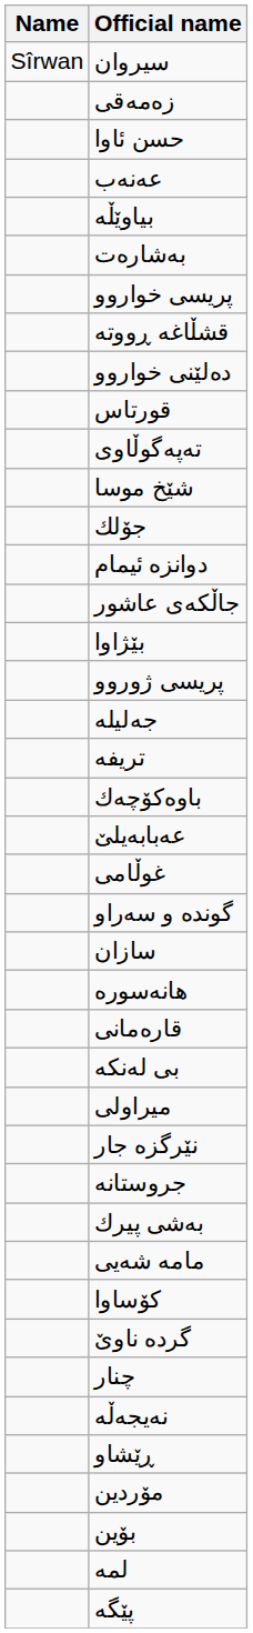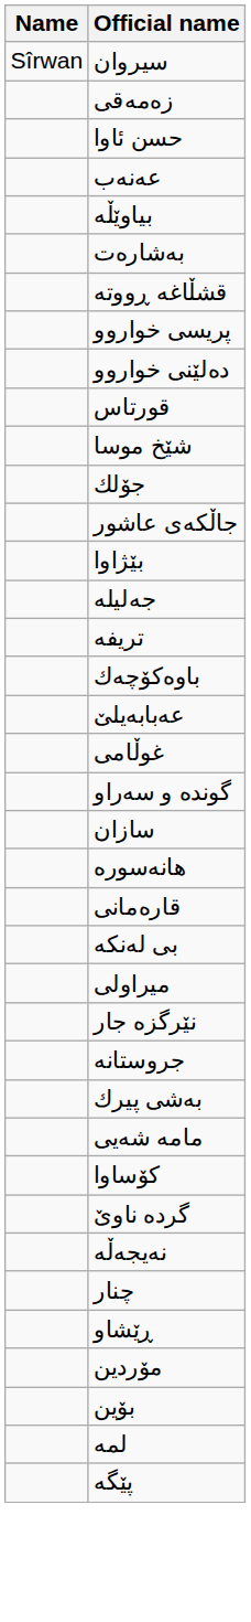 <table class="wikitable">
 <tr>
 <th>Name</th>
 <th>Official name</th>
 </tr>
 <tr>
 <td>Sîrwan</td>
 <td>سيروان</td>
 </tr>
 <tr>
 <td></td>
 <td>زه‌مه‌قى</td>
 </tr>
 <tr>
 <td></td>
 <td>حسن ئاوا</td>
 </tr>
 <tr>
 <td></td>
 <td>عه‌نه‌ب</td>
 </tr>
 <tr>
 <td></td>
 <td>بیاوێڵه‌</td>
 </tr>
 <tr>
 <td></td>
 <td>به‌شاره‌ت</td>
 </tr>
 <tr>
 <td></td>
-<td>پريسى خواروو</td>
+<td>قشڵاغه‌ ڕووته‌</td>
 </tr>
 <tr>
 <td></td>
-<td>قشڵاغه‌ ڕووته‌</td>
+<td>پريسى خواروو</td>
 </tr>
 <tr>
 <td></td>
 <td>ده‌لێنى خواروو</td>
 </tr>
 <tr>
 <td></td>
 <td>قورتاس</td>
 </tr>
 <tr>
 <td></td>
-<td>ته‌په‌گوڵاوى</td>
-</tr>
-<tr>
-<td></td>
 <td>شێخ موسا</td>
 </tr>
 <tr>
 <td></td>
 <td>جۆلك</td>
 </tr>
 <tr>
 <td></td>
-<td>دوانزه‌ ئيمام</td>
-</tr>
-<tr>
-<td></td>
 <td>جاڵكه‌ى عاشور</td>
 </tr>
 <tr>
 <td></td>
 <td>بێژاوا</td>
-</tr>
-<tr>
-<td></td>
-<td>پريسى ژوروو</td>
 </tr>
 <tr>
 <td></td>
 <td>جه‌ليله‌</td>
 </tr>
 <tr>
 <td></td>
 <td>تريفه‌</td>
 </tr>
 <tr>
 <td></td>
 <td>باوه‌كۆچه‌ك</td>
 </tr>
 <tr>
 <td></td>
 <td>عه‌بابه‌يلێ</td>
 </tr>
 <tr>
 <td></td>
 <td>غوڵامی</td>
 </tr>
 <tr>
 <td></td>
 <td>گونده‌ و سه‌راو</td>
 </tr>
 <tr>
 <td></td>
 <td>سازان</td>
 </tr>
 <tr>
 <td></td>
 <td>هانه‌سوره‌</td>
 </tr>
 <tr>
 <td></td>
 <td>قاره‌مانى</td>
 </tr>
 <tr>
 <td></td>
 <td>بى له‌نكه‌</td>
 </tr>
 <tr>
 <td></td>
 <td>ميراولى</td>
 </tr>
 <tr>
 <td></td>
 <td>نێرگزه‌ جار</td>
 </tr>
 <tr>
 <td></td>
 <td>جروستانه‌</td>
 </tr>
 <tr>
 <td></td>
 <td>به‌شى پيرك</td>
 </tr>
 <tr>
 <td></td>
 <td>مامه‌ شه‌يى</td>
 </tr>
 <tr>
 <td></td>
 <td>كۆساوا</td>
 </tr>
 <tr>
 <td></td>
 <td>گرده‌ ناوێ</td>
 </tr>
 <tr>
 <td></td>
-<td>چنار</td>
+<td>نه‌يجه‌ڵه‌</td>
 </tr>
 <tr>
 <td></td>
-<td>نه‌يجه‌ڵه‌</td>
+<td>چنار</td>
 </tr>
 <tr>
 <td></td>
 <td>ڕێشاو</td>
 </tr>
 <tr>
 <td></td>
 <td>مۆردين</td>
 </tr>
 <tr>
 <td></td>
 <td>بۆين</td>
 </tr>
 <tr>
 <td></td>
 <td>لمه‌</td>
 </tr>
 <tr>
 <td></td>
 <td>پێگه‌</td>
 </tr>
 </table>
